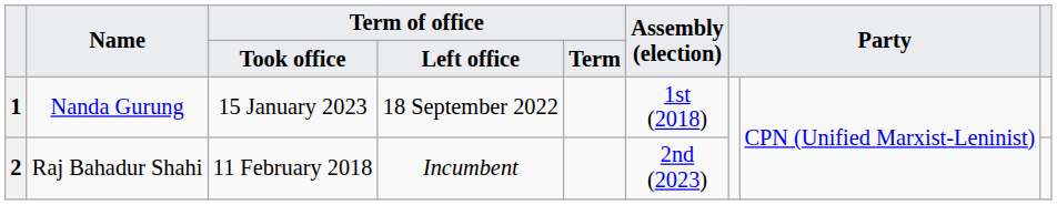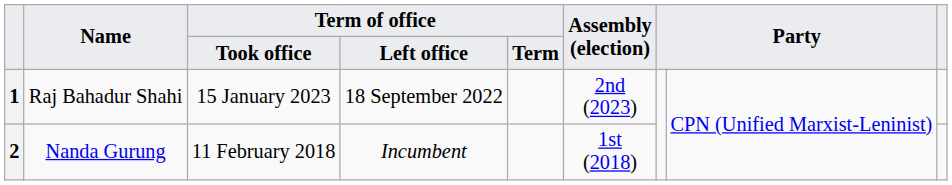 <table class=wikitable style="text-align:center">
 <tr>
 <th colspan="1" rowspan="2" style="background-color:#EAECF0;"></th>
 <th colspan="1" rowspan="2" style="background-color:#EAECF0;">Name<br></th>
 <th colspan="3" style="background-color:#EAECF0;">Term of office</th>
 <th colspan="1" rowspan="2" style="background-color:#EAECF0;">Assembly<br>(election)</th>
 <th colspan="2" rowspan="2" style="background-color:#EAECF0;">Party</th>
 <th rowspan="2" style="background-color:#EAECF0;"></th>
 </tr>
 <tr>
 <th style="background-color:#EAECF0;">Took office</th>
 <th style="background-color:#EAECF0;">Left office</th>
 <th style="background-color:#EAECF0;">Term</th>
 </tr>
 <tr>
 <th>1</th>
-<td><a href='#'>Nanda Gurung</a><br></td>
+<td>Raj Bahadur Shahi<br></td>
 <td>15 January 2023</td>
 <td>18 September 2022</td>
 <td></td>
-<td><a href='#'>1st</a><br>(<a href='#'>2018</a>)</td>
+<td><a href='#'>2nd</a><br>(<a href='#'>2023</a>)</td>
 <td rowspan="2"></td>
 <td rowspan="2"><a href='#'>CPN (Unified Marxist-Leninist)</a></td>
 <td></td>
 </tr>
 <tr>
 <th>2</th>
-<td>Raj Bahadur Shahi<br></td>
+<td><a href='#'>Nanda Gurung</a><br></td>
 <td>11 February 2018</td>
 <td><em>Incumbent</em></td>
 <td></td>
-<td><a href='#'>2nd</a><br>(<a href='#'>2023</a>)</td>
+<td><a href='#'>1st</a><br>(<a href='#'>2018</a>)</td>
 <td></td>
 </tr>
 </table>
